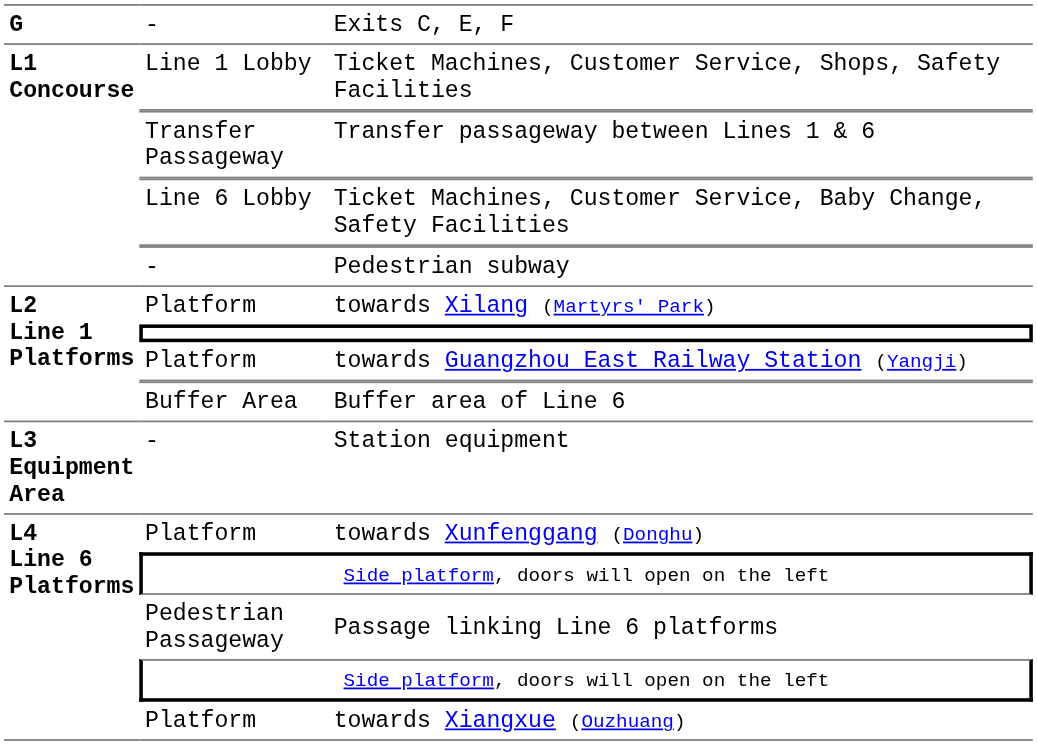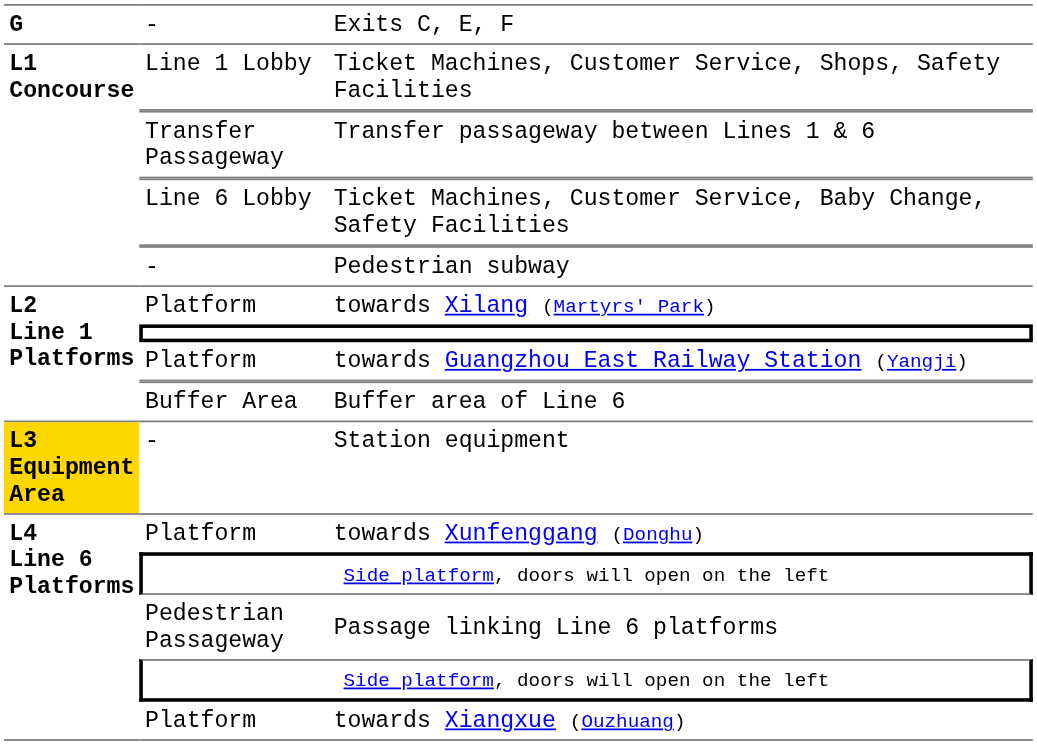 <table table border=0 cellspacing=0 cellpadding=3>
 <tr>
 <td style="border-top:solid 1px gray;" width=50 valign=top><strong>G</strong></td>
 <td style="border-top:solid 1px gray;" width=100 valign=top>-</td>
 <td style="border-top:solid 1px gray;" width=390 valign=top>Exits C, E, F</td>
 </tr>
 <tr>
 <td style="border-bottom:solid 1px gray; border-top:solid 1px gray;" valign=top rowspan=4><strong>L1<br>Concourse</strong></td>
 <td style="border-bottom:solid 1px gray; border-top:solid 1px gray;" valign=top>Line 1 Lobby</td>
 <td style="border-bottom:solid 1px gray; border-top:solid 1px gray;" valign=top>Ticket Machines, Customer Service, Shops, Safety Facilities</td>
 </tr>
 <tr>
 <td style="border-bottom:solid 1px gray; border-top:solid 1px gray;" valign=top>Transfer Passageway</td>
 <td style="border-bottom:solid 1px gray; border-top:solid 1px gray;" valign=top>Transfer passageway between Lines 1 & 6</td>
 </tr>
 <tr>
 <td style="border-bottom:solid 1px gray; border-top:solid 1px gray;" valign=top>Line 6 Lobby</td>
 <td style="border-bottom:solid 1px gray; border-top:solid 1px gray;" valign=top>Ticket Machines, Customer Service, Baby Change, Safety Facilities</td>
 </tr>
 <tr>
 <td style="border-bottom:solid 1px gray; border-top:solid 1px gray;" valign=top>-</td>
 <td style="border-bottom:solid 1px gray; border-top:solid 1px gray;" valign=top>Pedestrian subway</td>
 </tr>
 <tr>
 <td style="border-bottom:solid 1px gray;" rowspan=4 valign=top><strong>L2<br>Line 1 Platforms</strong></td>
 <td>Platform </td>
 <td>  towards <a href='#'>Xilang</a> <small>(<a href='#'>Martyrs' Park</a>)</small></td>
 </tr>
 <tr>
 <td style="border-right:solid 2px black;border-left:solid 2px black;border-top:solid 2px black;border-bottom:solid 2px black;text-align:center;" colspan=2></td>
 </tr>
 <tr>
 <td style="border-bottom:solid 1px gray;">Platform </td>
 <td style="border-bottom:solid 1px gray;"><span></span>  towards <a href='#'>Guangzhou East Railway Station</a> <small>(<a href='#'>Yangji</a>)</small> </td>
 </tr>
 <tr>
 <td style="border-bottom:solid 1px gray; border-top:solid 1px gray;" valign=top width=100>Buffer Area</td>
 <td style="border-bottom:solid 1px gray; border-top:solid 1px gray;" valign=top width=390>Buffer area of Line 6</td>
 </tr>
 <tr>
-<td valign=top><strong>L3<br>Equipment Area</strong></td>
+<td valign=top style="background: gold;"><strong>L3<br>Equipment Area</strong></td>
 <td valign=top>-</td>
 <td valign=top>Station equipment</td>
 </tr>
 <tr>
 <td style="border-bottom:solid 1px gray; border-top:solid 1px gray;" valign=top width=50 rowspan=5><strong>L4<br>Line 6 Platforms</strong></td>
 <td style="border-top:solid 1px gray;">Platform </td>
 <td style="border-top:solid 1px gray;">  towards <a href='#'>Xunfenggang</a> <small>(<a href='#'>Donghu</a>)</small></td>
 </tr>
 <tr>
 <td style="border-right:solid 2px black;border-left:solid 2px black;border-top:solid 2px black;border-bottom:solid 1px gray;text-align:center" colspan=2><small><a href='#'>Side platform</a>, doors will open on the left</small></td>
 </tr>
 <tr>
 <td>Pedestrian Passageway</td>
 <td>Passage linking Line 6 platforms</td>
 </tr>
 <tr>
 <td style="border-right:solid 2px black;border-left:solid 2px black;border-top:solid 1px gray;border-bottom:solid 2px black;text-align:center" colspan=2><small><a href='#'>Side platform</a>, doors will open on the left</small></td>
 </tr>
 <tr>
 <td style="border-bottom:solid 1px gray;">Platform </td>
 <td style="border-bottom:solid 1px gray;"><span></span>  towards <a href='#'>Xiangxue</a> <small>(<a href='#'>Ouzhuang</a>)</small> </td>
 </tr>
 </table>
